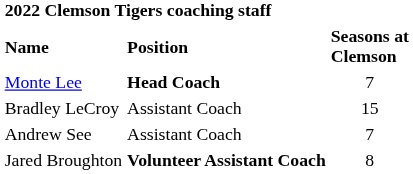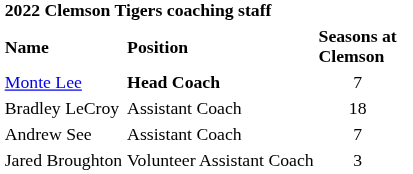 <table class="toccolours" style="text-align: left; font-size:90%">
 <tr>
 <th colspan="9">2022 Clemson Tigers coaching staff</th>
 </tr>
 <tr>
 <th>Name</th>
 <th>Position</th>
 <th>Seasons at<br>Clemson</th>
 </tr>
 <tr>
 <td><a href='#'>Monte Lee</a></td>
 <td><strong>Head Coach</strong></td>
 <td align=center>7</td>
 </tr>
 <tr>
 <td>Bradley LeCroy</td>
 <td>Assistant Coach</td>
-<td align=center>15</td>
+<td align=center>18</td>
 </tr>
 <tr>
 <td>Andrew See</td>
 <td>Assistant Coach</td>
 <td align=center>7</td>
 </tr>
 <tr>
 <td>Jared Broughton</td>
-<td><strong>Volunteer Assistant Coach</strong></td>
-<td align=center>8</td>
+<td>Volunteer Assistant Coach</td>
+<td align=center>3</td>
 </tr>
 </table>
